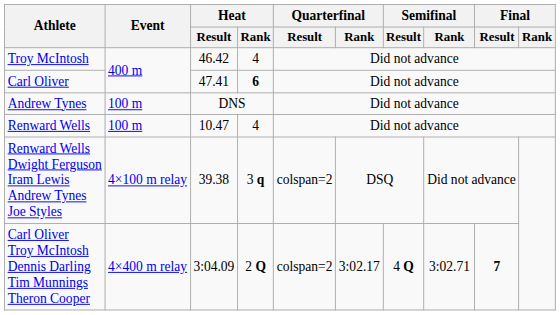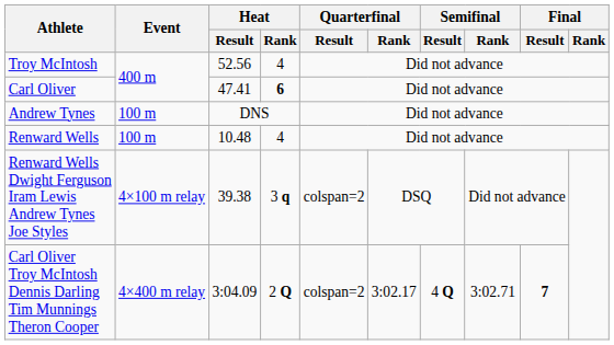 <table class="wikitable" style="font-size:90%">
 <tr>
 <th rowspan="2">Athlete</th>
 <th rowspan="2">Event</th>
 <th colspan="2">Heat</th>
 <th colspan="2">Quarterfinal</th>
 <th colspan="2">Semifinal</th>
 <th colspan="2">Final</th>
 </tr>
 <tr style="font-size:95%">
 <th>Result</th>
 <th>Rank</th>
 <th>Result</th>
 <th>Rank</th>
 <th>Result</th>
 <th>Rank</th>
 <th>Result</th>
 <th>Rank</th>
 </tr>
 <tr align=center>
 <td align=left><a href='#'>Troy McIntosh</a></td>
 <td align=left rowspan=2><a href='#'>400 m</a></td>
-<td>46.42</td>
+<td>52.56</td>
 <td>4</td>
 <td colspan=6>Did not advance</td>
 </tr>
 <tr align=center>
 <td align=left><a href='#'>Carl Oliver</a></td>
 <td>47.41</td>
 <td><strong>6</strong></td>
 <td colspan=6>Did not advance</td>
 </tr>
 <tr align=center>
 <td align=left><a href='#'>Andrew Tynes</a></td>
 <td align=left><a href='#'>100 m</a></td>
 <td colspan=2>DNS</td>
 <td colspan=6>Did not advance</td>
 </tr>
 <tr align=center>
 <td align=left><a href='#'>Renward Wells</a></td>
 <td align=left><a href='#'>100 m</a></td>
-<td>10.47</td>
+<td>10.48</td>
 <td>4</td>
 <td colspan=6>Did not advance</td>
 </tr>
 <tr align=center>
 <td align=left><a href='#'>Renward Wells</a><br><a href='#'>Dwight Ferguson</a><br><a href='#'>Iram Lewis</a><br><a href='#'>Andrew Tynes</a><br><a href='#'>Joe Styles</a></td>
 <td align=left><a href='#'>4×100 m relay</a></td>
 <td>39.38</td>
 <td>3 <strong>q</strong></td>
 <td>colspan=2 </td>
 <td colspan=2>DSQ</td>
 <td colspan=2>Did not advance</td>
 </tr>
 <tr align=center>
 <td align=left><a href='#'>Carl Oliver</a><br><a href='#'>Troy McIntosh</a><br><a href='#'>Dennis Darling</a><br><a href='#'>Tim Munnings</a><br><a href='#'>Theron Cooper</a></td>
 <td align=left><a href='#'>4×400 m relay</a></td>
 <td>3:04.09</td>
 <td>2 <strong>Q</strong></td>
 <td>colspan=2 </td>
 <td>3:02.17</td>
 <td>4 <strong>Q</strong></td>
 <td>3:02.71</td>
 <td><strong>7</strong></td>
 </tr>
 </table>
